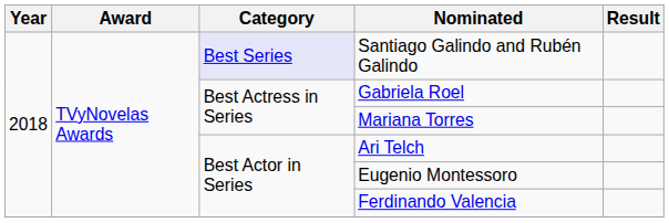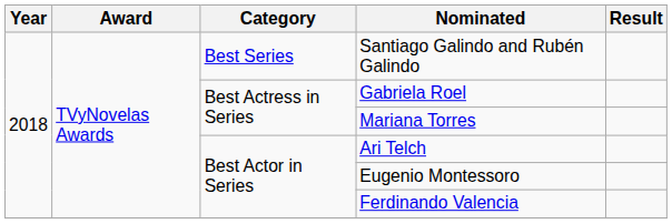 <table class="wikitable plainrowheaders">
 <tr>
 <th scope="col">Year</th>
 <th scope="col">Award</th>
 <th scope="col">Category</th>
 <th scope="col">Nominated</th>
 <th scope="col">Result</th>
 </tr>
 <tr>
 <td rowspan="6">2018</td>
 <td rowspan="6"><a href='#'>TVyNovelas Awards</a></td>
-<td style="background: lavender;"><a href='#'>Best Series</a></td>
+<td><a href='#'>Best Series</a></td>
 <td>Santiago Galindo and Rubén Galindo</td>
 <td></td>
 </tr>
 <tr>
 <td rowspan="2">Best Actress in Series</td>
 <td><a href='#'>Gabriela Roel</a></td>
 <td></td>
 </tr>
 <tr>
 <td><a href='#'>Mariana Torres</a></td>
 <td></td>
 </tr>
 <tr>
 <td rowspan="3">Best Actor in Series</td>
 <td><a href='#'>Ari Telch</a></td>
 <td></td>
 </tr>
 <tr>
 <td>Eugenio Montessoro</td>
 <td></td>
 </tr>
 <tr>
 <td><a href='#'>Ferdinando Valencia</a></td>
 <td></td>
 </tr>
 <tr>
 </tr>
 </table>
